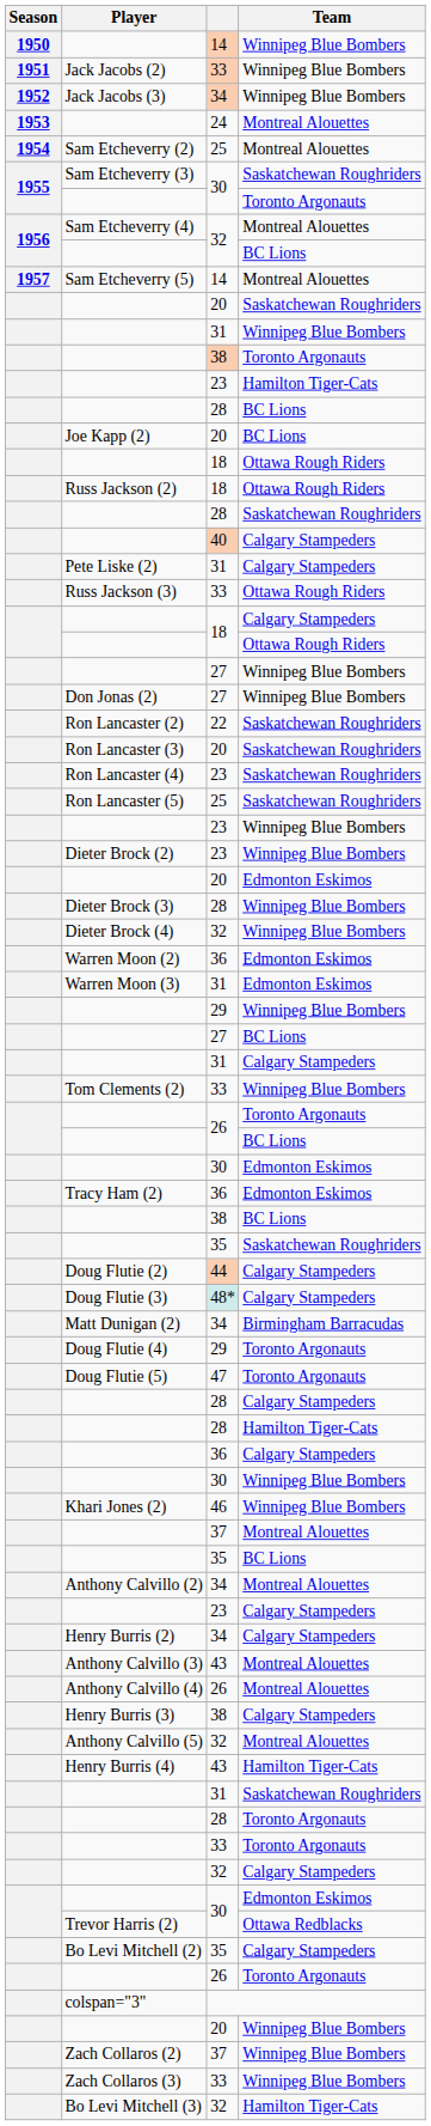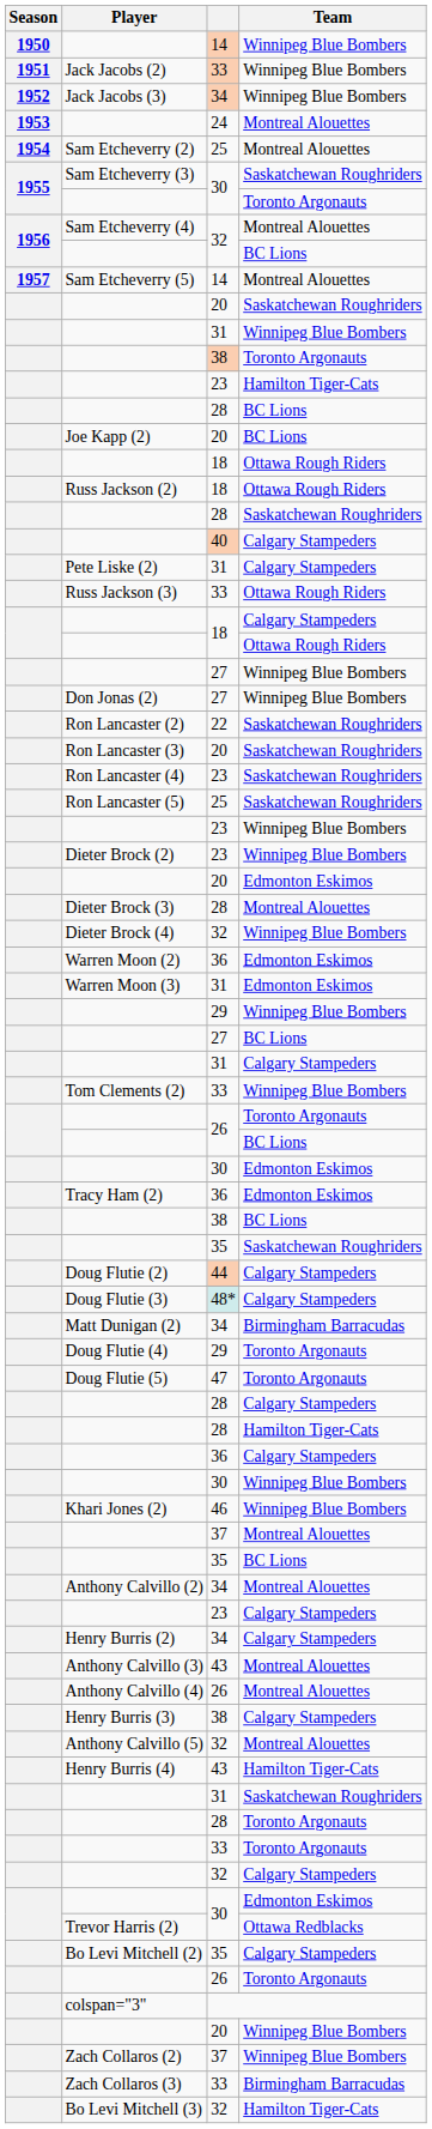 <table class="plainrowheaders sortable wikitable">
 <tr>
 <th scope=col>Season</th>
 <th scope=col>Player</th>
 <th scope=col></th>
 <th scope=col>Team</th>
 </tr>
 <tr>
 <th scope=row><a href='#'>1950</a></th>
 <td></td>
 <td style="background-color:#FBCEB1">14</td>
 <td><a href='#'>Winnipeg Blue Bombers</a></td>
 </tr>
 <tr>
 <th scope=row><a href='#'>1951</a></th>
 <td>Jack Jacobs (2)</td>
 <td style="background-color:#FBCEB1">33</td>
 <td>Winnipeg Blue Bombers</td>
 </tr>
 <tr>
 <th scope=row><a href='#'>1952</a></th>
 <td>Jack Jacobs (3)</td>
 <td style="background-color:#FBCEB1">34</td>
 <td>Winnipeg Blue Bombers</td>
 </tr>
 <tr>
 <th scope=row><a href='#'>1953</a></th>
 <td></td>
 <td>24</td>
 <td><a href='#'>Montreal Alouettes</a></td>
 </tr>
 <tr>
 <th scope=row><a href='#'>1954</a></th>
 <td>Sam Etcheverry (2)</td>
 <td>25</td>
 <td>Montreal Alouettes</td>
 </tr>
 <tr>
 <th rowspan="2"><a href='#'>1955</a></th>
 <td>Sam Etcheverry (3)</td>
 <td rowspan="2">30</td>
 <td><a href='#'>Saskatchewan Roughriders</a></td>
 </tr>
 <tr>
 <td></td>
 <td><a href='#'>Toronto Argonauts</a></td>
 </tr>
 <tr>
 <th rowspan="2"><a href='#'>1956</a></th>
 <td>Sam Etcheverry (4)</td>
 <td rowspan="2">32</td>
 <td>Montreal Alouettes</td>
 </tr>
 <tr>
 <td></td>
 <td><a href='#'>BC Lions</a></td>
 </tr>
 <tr>
 <th scope=row><a href='#'>1957</a></th>
 <td>Sam Etcheverry (5)</td>
 <td>14</td>
 <td>Montreal Alouettes</td>
 </tr>
 <tr>
 <th scope=row></th>
 <td></td>
 <td>20</td>
 <td><a href='#'>Saskatchewan Roughriders</a></td>
 </tr>
 <tr>
 <th scope=row></th>
 <td></td>
 <td>31</td>
 <td><a href='#'>Winnipeg Blue Bombers</a></td>
 </tr>
 <tr>
 <th scope=row></th>
 <td></td>
 <td style="background-color:#FBCEB1">38</td>
 <td><a href='#'>Toronto Argonauts</a></td>
 </tr>
 <tr>
 <th scope=row></th>
 <td></td>
 <td>23</td>
 <td><a href='#'>Hamilton Tiger-Cats</a></td>
 </tr>
 <tr>
 <th scope=row></th>
 <td></td>
 <td>28</td>
 <td><a href='#'>BC Lions</a></td>
 </tr>
 <tr>
 <th scope=row></th>
 <td>Joe Kapp (2)</td>
 <td>20</td>
 <td><a href='#'>BC Lions</a></td>
 </tr>
 <tr>
 <th scope=row></th>
 <td></td>
 <td>18</td>
 <td><a href='#'>Ottawa Rough Riders</a></td>
 </tr>
 <tr>
 <th scope=row></th>
 <td>Russ Jackson (2)</td>
 <td>18</td>
 <td><a href='#'>Ottawa Rough Riders</a></td>
 </tr>
 <tr>
 <th scope=row></th>
 <td></td>
 <td>28</td>
 <td><a href='#'>Saskatchewan Roughriders</a></td>
 </tr>
 <tr>
 <th scope=row></th>
 <td></td>
 <td style="background-color:#FBCEB1">40</td>
 <td><a href='#'>Calgary Stampeders</a></td>
 </tr>
 <tr>
 <th scope=row></th>
 <td>Pete Liske (2)</td>
 <td>31</td>
 <td><a href='#'>Calgary Stampeders</a></td>
 </tr>
 <tr>
 <th scope=row></th>
 <td>Russ Jackson (3)</td>
 <td>33</td>
 <td><a href='#'>Ottawa Rough Riders</a></td>
 </tr>
 <tr>
 <th rowspan="2"></th>
 <td></td>
 <td rowspan="2">18</td>
 <td><a href='#'>Calgary Stampeders</a></td>
 </tr>
 <tr>
 <td></td>
 <td><a href='#'>Ottawa Rough Riders</a></td>
 </tr>
 <tr>
 <th scope=row></th>
 <td></td>
 <td>27</td>
 <td>Winnipeg Blue Bombers</td>
 </tr>
 <tr>
 <th scope=row></th>
 <td>Don Jonas (2)</td>
 <td>27</td>
 <td>Winnipeg Blue Bombers</td>
 </tr>
 <tr>
 <th scope=row></th>
 <td>Ron Lancaster (2)</td>
 <td>22</td>
 <td><a href='#'>Saskatchewan Roughriders</a></td>
 </tr>
 <tr>
 <th scope=row></th>
 <td>Ron Lancaster (3)</td>
 <td>20</td>
 <td><a href='#'>Saskatchewan Roughriders</a></td>
 </tr>
 <tr>
 <th scope=row></th>
 <td>Ron Lancaster (4)</td>
 <td>23</td>
 <td><a href='#'>Saskatchewan Roughriders</a></td>
 </tr>
 <tr>
 <th scope=row></th>
 <td>Ron Lancaster (5)</td>
 <td>25</td>
 <td><a href='#'>Saskatchewan Roughriders</a></td>
 </tr>
 <tr>
 <th scope=row></th>
 <td></td>
 <td>23</td>
 <td>Winnipeg Blue Bombers</td>
 </tr>
 <tr>
 <th scope=row></th>
 <td>Dieter Brock (2)</td>
 <td>23</td>
 <td><a href='#'>Winnipeg Blue Bombers</a></td>
 </tr>
 <tr>
 <th scope=row></th>
 <td></td>
 <td>20</td>
 <td><a href='#'>Edmonton Eskimos</a></td>
 </tr>
 <tr>
 <th scope=row></th>
 <td>Dieter Brock (3)</td>
 <td>28</td>
-<td><a href='#'>Winnipeg Blue Bombers</a></td>
+<td><a href='#'>Montreal Alouettes</a></td>
 </tr>
 <tr>
 <th scope=row></th>
 <td>Dieter Brock (4)</td>
 <td>32</td>
 <td><a href='#'>Winnipeg Blue Bombers</a></td>
 </tr>
 <tr>
 <th scope=row></th>
 <td>Warren Moon (2)</td>
 <td>36</td>
 <td><a href='#'>Edmonton Eskimos</a></td>
 </tr>
 <tr>
 <th scope=row></th>
 <td>Warren Moon (3)</td>
 <td>31</td>
 <td><a href='#'>Edmonton Eskimos</a></td>
 </tr>
 <tr>
 <th scope=row></th>
 <td></td>
 <td>29</td>
 <td><a href='#'>Winnipeg Blue Bombers</a></td>
 </tr>
 <tr>
 <th scope=row></th>
 <td></td>
 <td>27</td>
 <td><a href='#'>BC Lions</a></td>
 </tr>
 <tr>
 <th scope=row></th>
 <td></td>
 <td>31</td>
 <td><a href='#'>Calgary Stampeders</a></td>
 </tr>
 <tr>
 <th scope=row></th>
 <td>Tom Clements (2)</td>
 <td>33</td>
 <td><a href='#'>Winnipeg Blue Bombers</a></td>
 </tr>
 <tr>
 <th rowspan="2"></th>
 <td></td>
 <td rowspan="2">26</td>
 <td><a href='#'>Toronto Argonauts</a></td>
 </tr>
 <tr>
 <td></td>
 <td><a href='#'>BC Lions</a></td>
 </tr>
 <tr>
 <th scope=row></th>
 <td></td>
 <td>30</td>
 <td><a href='#'>Edmonton Eskimos</a></td>
 </tr>
 <tr>
 <th scope=row></th>
 <td>Tracy Ham (2)</td>
 <td>36</td>
 <td><a href='#'>Edmonton Eskimos</a></td>
 </tr>
 <tr>
 <th scope=row></th>
 <td></td>
 <td>38</td>
 <td><a href='#'>BC Lions</a></td>
 </tr>
 <tr>
 <th scope=row></th>
 <td></td>
 <td>35</td>
 <td><a href='#'>Saskatchewan Roughriders</a></td>
 </tr>
 <tr>
 <th scope=row></th>
 <td>Doug Flutie (2)</td>
 <td style="background-color:#FBCEB1">44</td>
 <td><a href='#'>Calgary Stampeders</a></td>
 </tr>
 <tr>
 <th scope=row></th>
 <td>Doug Flutie (3)</td>
 <td style="background-color:#CFECEC">48*</td>
 <td><a href='#'>Calgary Stampeders</a></td>
 </tr>
 <tr>
 <th scope=row></th>
 <td>Matt Dunigan (2)</td>
 <td>34</td>
 <td><a href='#'>Birmingham Barracudas</a></td>
 </tr>
 <tr>
 <th scope=row></th>
 <td>Doug Flutie (4)</td>
 <td>29</td>
 <td><a href='#'>Toronto Argonauts</a></td>
 </tr>
 <tr>
 <th scope=row></th>
 <td>Doug Flutie (5)</td>
 <td>47</td>
 <td><a href='#'>Toronto Argonauts</a></td>
 </tr>
 <tr>
 <th scope=row></th>
 <td></td>
 <td>28</td>
 <td><a href='#'>Calgary Stampeders</a></td>
 </tr>
 <tr>
 <th scope=row></th>
 <td></td>
 <td>28</td>
 <td><a href='#'>Hamilton Tiger-Cats</a></td>
 </tr>
 <tr>
 <th scope=row></th>
 <td></td>
 <td>36</td>
 <td><a href='#'>Calgary Stampeders</a></td>
 </tr>
 <tr>
 <th scope=row></th>
 <td></td>
 <td>30</td>
 <td><a href='#'>Winnipeg Blue Bombers</a></td>
 </tr>
 <tr>
 <th scope=row></th>
 <td>Khari Jones (2)</td>
 <td>46</td>
 <td><a href='#'>Winnipeg Blue Bombers</a></td>
 </tr>
 <tr>
 <th scope=row></th>
 <td></td>
 <td>37</td>
 <td><a href='#'>Montreal Alouettes</a></td>
 </tr>
 <tr>
 <th scope=row></th>
 <td></td>
 <td>35</td>
 <td><a href='#'>BC Lions</a></td>
 </tr>
 <tr>
 <th scope=row></th>
 <td>Anthony Calvillo (2)</td>
 <td>34</td>
 <td><a href='#'>Montreal Alouettes</a></td>
 </tr>
 <tr>
 <th scope=row></th>
 <td></td>
 <td>23</td>
 <td><a href='#'>Calgary Stampeders</a></td>
 </tr>
 <tr>
 <th scope=row></th>
 <td>Henry Burris (2)</td>
 <td>34</td>
 <td><a href='#'>Calgary Stampeders</a></td>
 </tr>
 <tr>
 <th scope=row></th>
 <td>Anthony Calvillo (3)</td>
 <td>43</td>
 <td><a href='#'>Montreal Alouettes</a></td>
 </tr>
 <tr>
 <th scope=row></th>
 <td>Anthony Calvillo (4)</td>
 <td>26</td>
 <td><a href='#'>Montreal Alouettes</a></td>
 </tr>
 <tr>
 <th scope=row></th>
 <td>Henry Burris (3)</td>
 <td>38</td>
 <td><a href='#'>Calgary Stampeders</a></td>
 </tr>
 <tr>
 <th scope=row></th>
 <td>Anthony Calvillo (5)</td>
 <td>32</td>
 <td><a href='#'>Montreal Alouettes</a></td>
 </tr>
 <tr>
 <th scope=row></th>
 <td>Henry Burris (4)</td>
 <td>43</td>
 <td><a href='#'>Hamilton Tiger-Cats</a></td>
 </tr>
 <tr>
 <th scope=row></th>
 <td></td>
 <td>31</td>
 <td><a href='#'>Saskatchewan Roughriders</a></td>
 </tr>
 <tr>
 <th scope=row></th>
 <td></td>
 <td>28</td>
 <td><a href='#'>Toronto Argonauts</a></td>
 </tr>
 <tr>
 <th scope=row></th>
 <td></td>
 <td>33</td>
 <td><a href='#'>Toronto Argonauts</a></td>
 </tr>
 <tr>
 <th scope=row></th>
 <td></td>
 <td>32</td>
 <td><a href='#'>Calgary Stampeders</a></td>
 </tr>
 <tr>
 <th rowspan="2" scope="row"></th>
 <td></td>
 <td rowspan="2">30</td>
 <td><a href='#'>Edmonton Eskimos</a></td>
 </tr>
 <tr>
 <td>Trevor Harris (2)</td>
 <td><a href='#'>Ottawa Redblacks</a></td>
 </tr>
 <tr>
 <th scope=row></th>
 <td>Bo Levi Mitchell (2)</td>
 <td>35</td>
 <td><a href='#'>Calgary Stampeders</a></td>
 </tr>
 <tr>
 <th scope=row></th>
 <td></td>
 <td>26</td>
 <td><a href='#'>Toronto Argonauts</a></td>
 </tr>
 <tr>
 <th scope=row></th>
 <td>colspan="3" </td>
 </tr>
 <tr>
 <th scope=row></th>
 <td></td>
 <td>20</td>
 <td><a href='#'>Winnipeg Blue Bombers</a></td>
 </tr>
 <tr>
 <th scope=row></th>
 <td>Zach Collaros (2)</td>
 <td>37</td>
 <td><a href='#'>Winnipeg Blue Bombers</a></td>
 </tr>
 <tr>
 <th scope=row></th>
 <td>Zach Collaros (3)</td>
 <td>33</td>
-<td><a href='#'>Winnipeg Blue Bombers</a></td>
+<td><a href='#'>Birmingham Barracudas</a></td>
 </tr>
 <tr>
 <th scope=row></th>
 <td>Bo Levi Mitchell (3)</td>
 <td>32</td>
 <td><a href='#'>Hamilton Tiger-Cats</a></td>
 </tr>
 </table>
